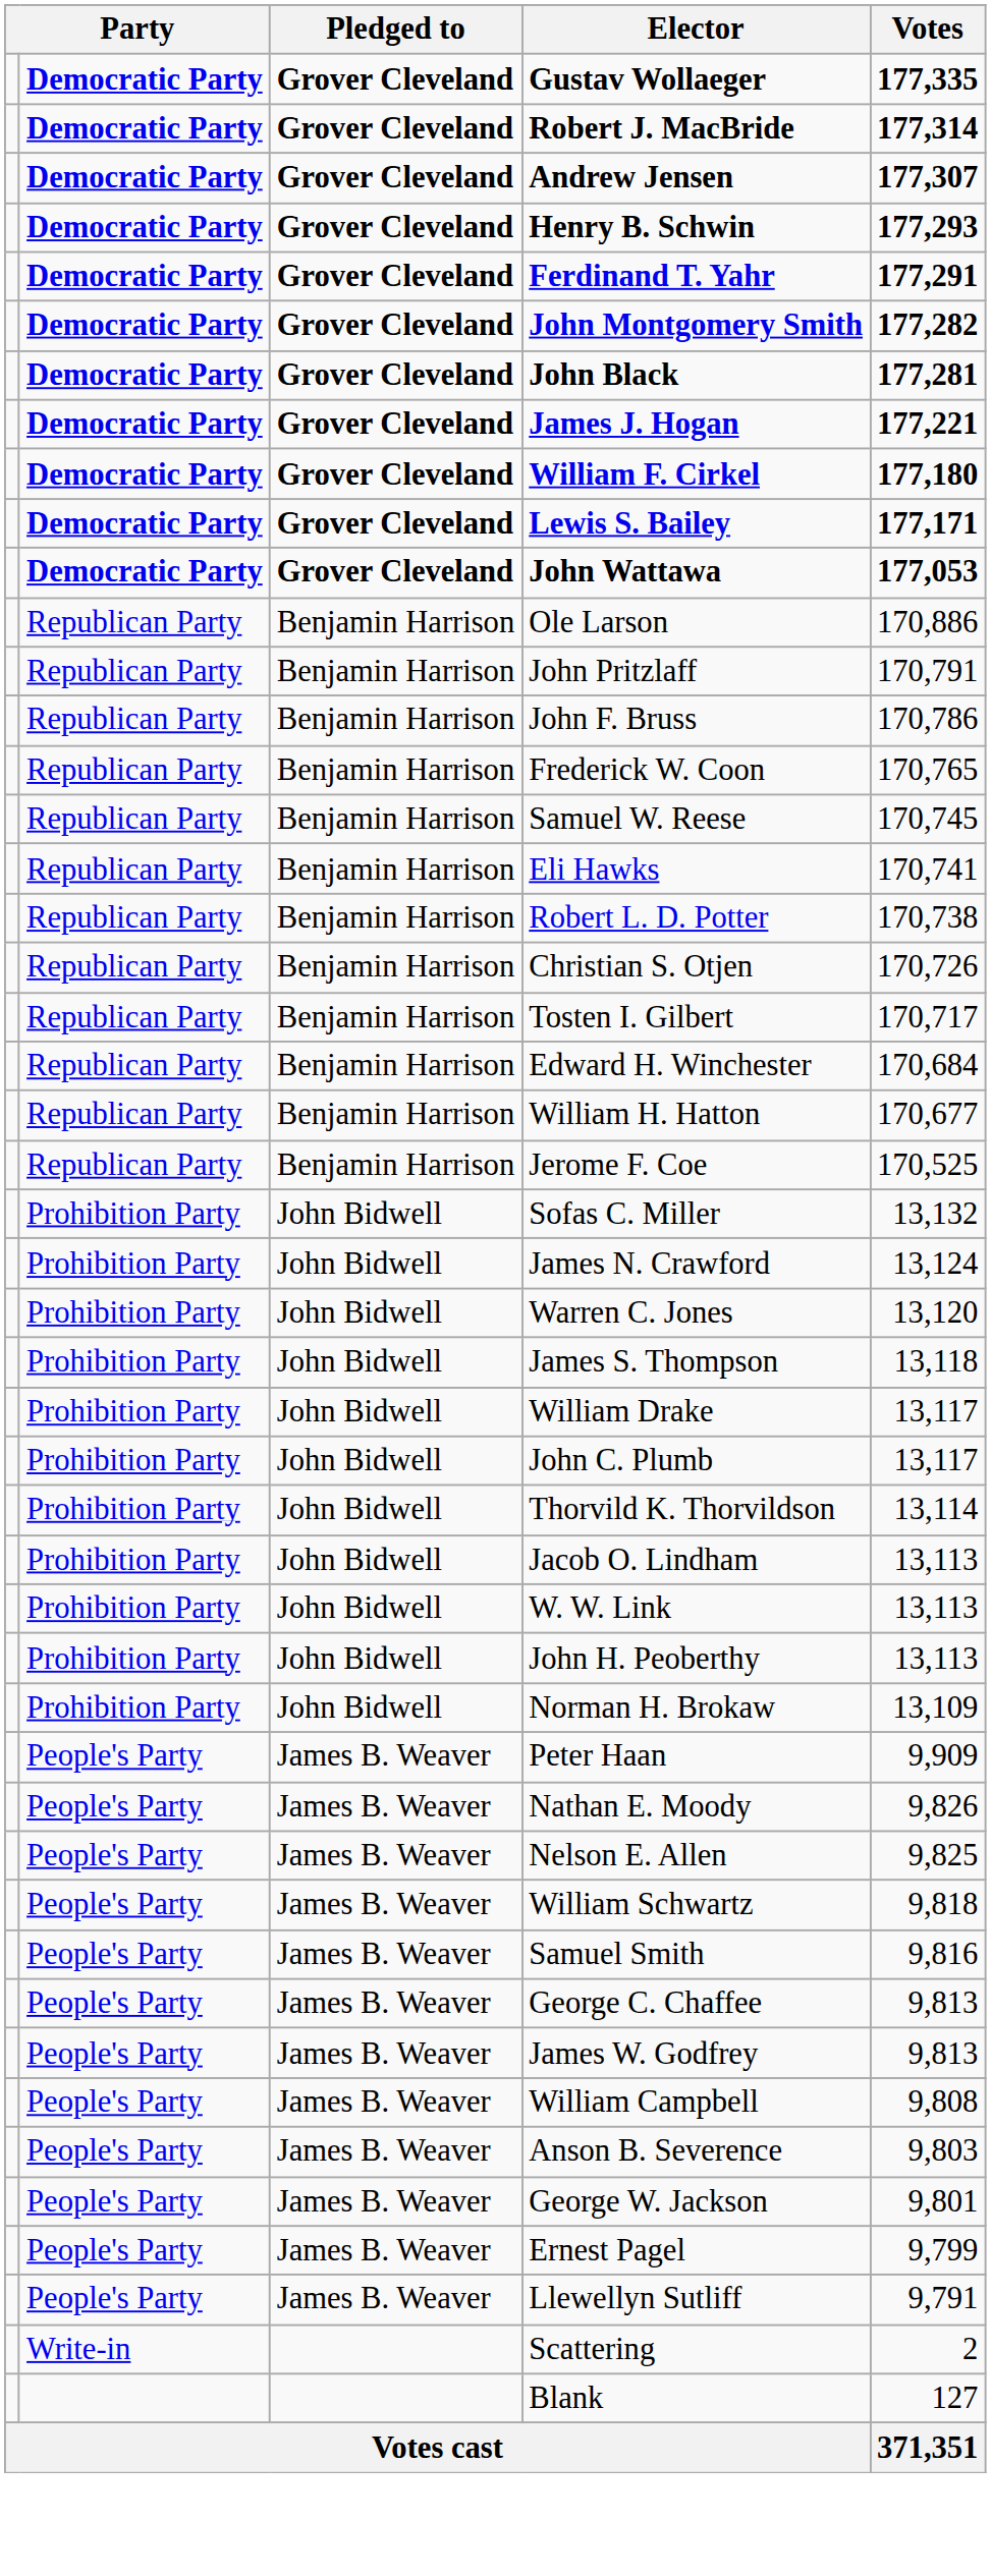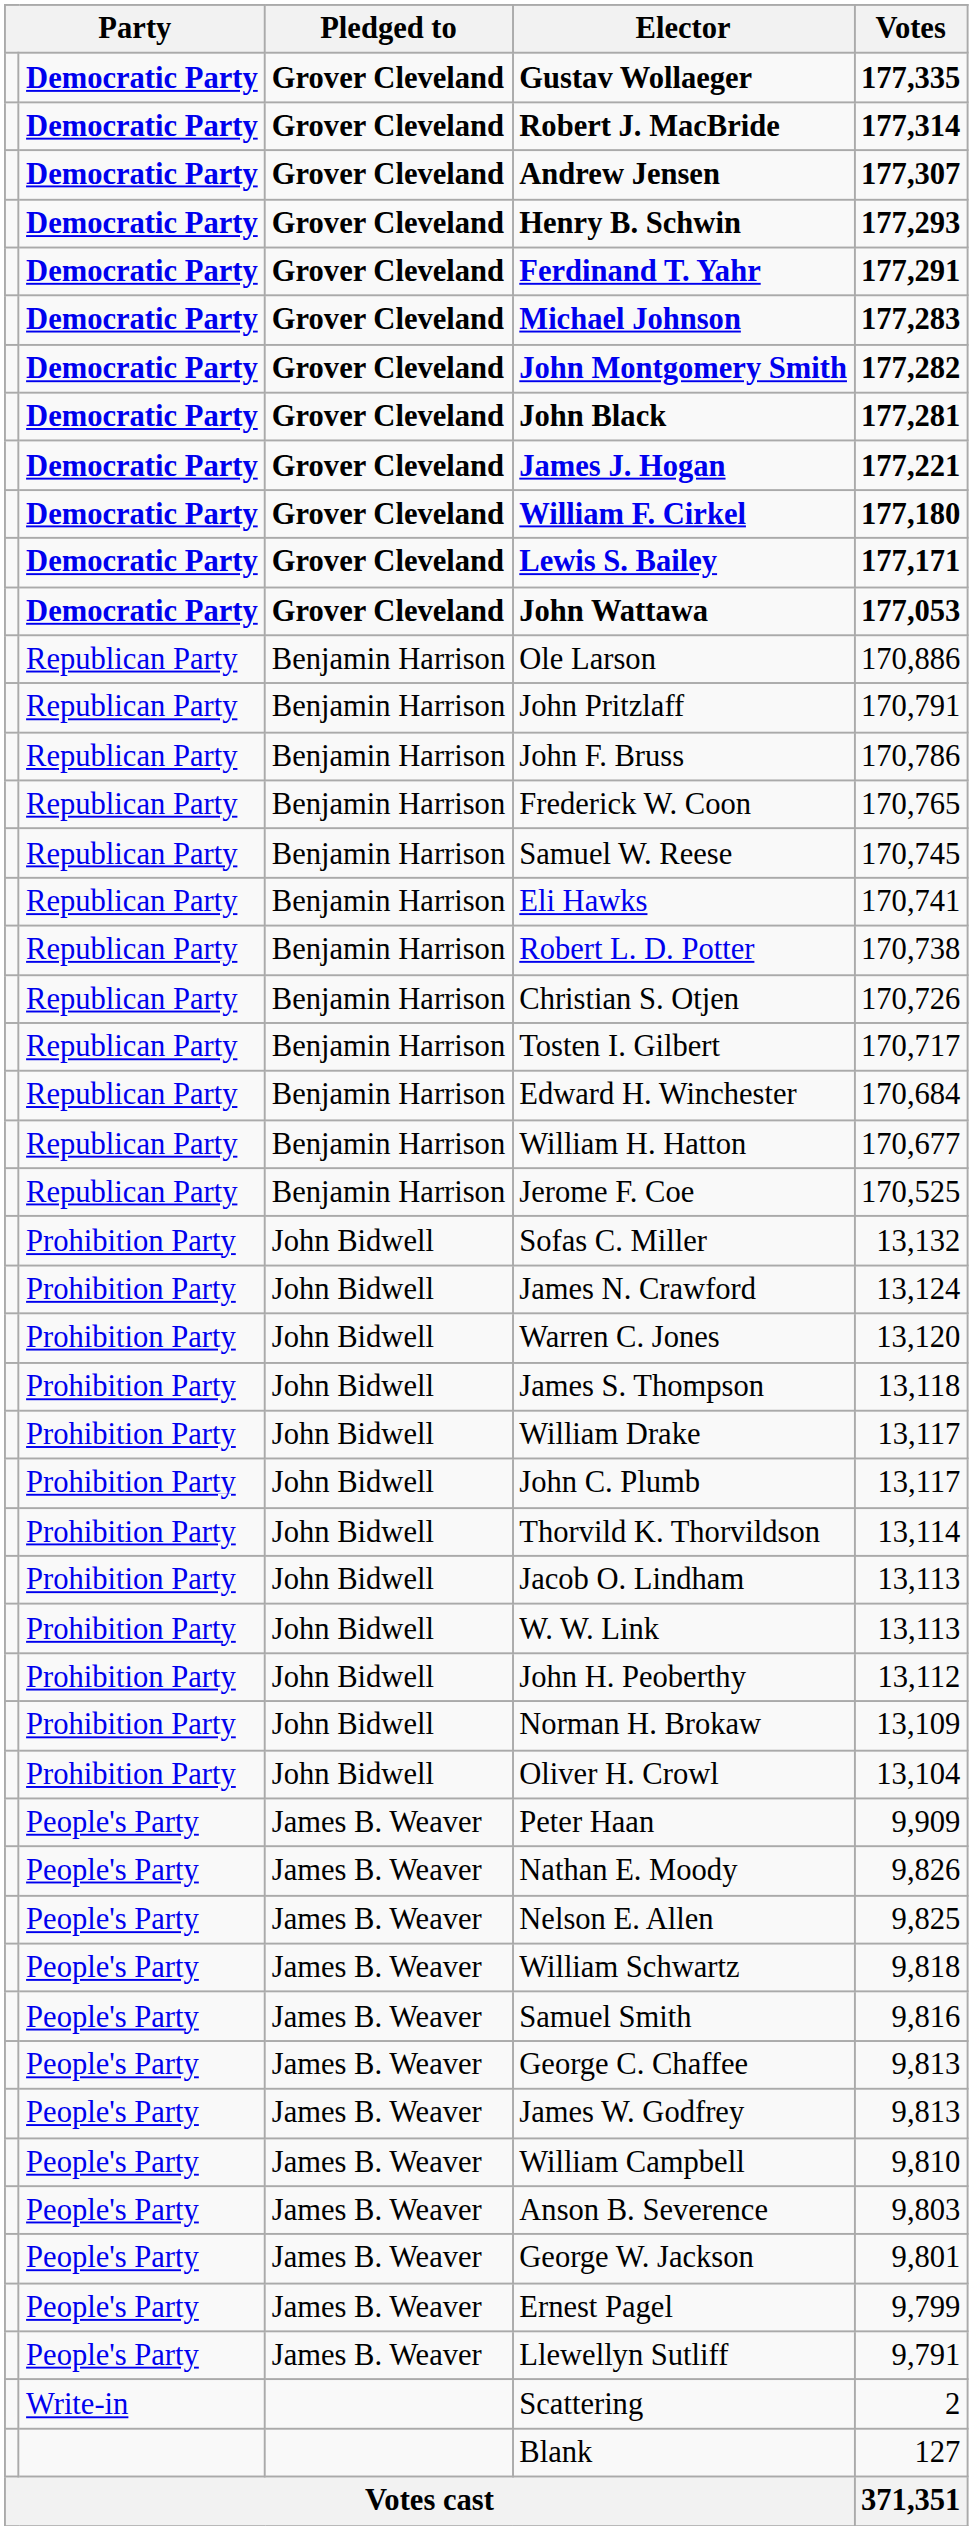 <table class="wikitable">
 <tr>
 <th colspan=2>Party</th>
 <th>Pledged to</th>
 <th>Elector</th>
 <th>Votes</th>
 </tr>
 <tr style="font-weight:bold">
 <td></td>
 <td><a href='#'>Democratic Party</a></td>
 <td>Grover Cleveland</td>
 <td>Gustav Wollaeger</td>
 <td align="right">177,335</td>
 </tr>
 <tr style="font-weight:bold">
 <td></td>
 <td><a href='#'>Democratic Party</a></td>
 <td>Grover Cleveland</td>
 <td>Robert J. MacBride</td>
 <td align="right">177,314</td>
 </tr>
 <tr style="font-weight:bold">
 <td></td>
 <td><a href='#'>Democratic Party</a></td>
 <td>Grover Cleveland</td>
 <td>Andrew Jensen</td>
 <td align="right">177,307</td>
 </tr>
 <tr style="font-weight:bold">
 <td></td>
 <td><a href='#'>Democratic Party</a></td>
 <td>Grover Cleveland</td>
 <td>Henry B. Schwin</td>
 <td align="right">177,293</td>
 </tr>
 <tr style="font-weight:bold">
 <td></td>
 <td><a href='#'>Democratic Party</a></td>
 <td>Grover Cleveland</td>
 <td><a href='#'>Ferdinand T. Yahr</a></td>
 <td align="right">177,291</td>
+</tr>
+<tr style="font-weight:bold">
+<td></td>
+<td><a href='#'>Democratic Party</a></td>
+<td>Grover Cleveland</td>
+<td><a href='#'>Michael Johnson</a></td>
+<td align="right">177,283</td>
 </tr>
 <tr style="font-weight:bold">
 <td></td>
 <td><a href='#'>Democratic Party</a></td>
 <td>Grover Cleveland</td>
 <td><a href='#'>John Montgomery Smith</a></td>
 <td align="right">177,282</td>
 </tr>
 <tr style="font-weight:bold">
 <td></td>
 <td><a href='#'>Democratic Party</a></td>
 <td>Grover Cleveland</td>
 <td>John Black</td>
 <td align="right">177,281</td>
 </tr>
 <tr style="font-weight:bold">
 <td></td>
 <td><a href='#'>Democratic Party</a></td>
 <td>Grover Cleveland</td>
 <td><a href='#'>James J. Hogan</a></td>
 <td align="right">177,221</td>
 </tr>
 <tr style="font-weight:bold">
 <td></td>
 <td><a href='#'>Democratic Party</a></td>
 <td>Grover Cleveland</td>
 <td><a href='#'>William F. Cirkel</a></td>
 <td align="right">177,180</td>
 </tr>
 <tr style="font-weight:bold">
 <td></td>
 <td><a href='#'>Democratic Party</a></td>
 <td>Grover Cleveland</td>
 <td><a href='#'>Lewis S. Bailey</a></td>
 <td align="right">177,171</td>
 </tr>
 <tr style="font-weight:bold">
 <td></td>
 <td><a href='#'>Democratic Party</a></td>
 <td>Grover Cleveland</td>
 <td>John Wattawa</td>
 <td align="right">177,053</td>
 </tr>
 <tr>
 <td></td>
 <td><a href='#'>Republican Party</a></td>
 <td>Benjamin Harrison</td>
 <td>Ole Larson</td>
 <td align="right">170,886</td>
 </tr>
 <tr>
 <td></td>
 <td><a href='#'>Republican Party</a></td>
 <td>Benjamin Harrison</td>
 <td>John Pritzlaff</td>
 <td align="right">170,791</td>
 </tr>
 <tr>
 <td></td>
 <td><a href='#'>Republican Party</a></td>
 <td>Benjamin Harrison</td>
 <td>John F. Bruss</td>
 <td align="right">170,786</td>
 </tr>
 <tr>
 <td></td>
 <td><a href='#'>Republican Party</a></td>
 <td>Benjamin Harrison</td>
 <td>Frederick W. Coon</td>
 <td align="right">170,765</td>
 </tr>
 <tr>
 <td></td>
 <td><a href='#'>Republican Party</a></td>
 <td>Benjamin Harrison</td>
 <td>Samuel W. Reese</td>
 <td align="right">170,745</td>
 </tr>
 <tr>
 <td></td>
 <td><a href='#'>Republican Party</a></td>
 <td>Benjamin Harrison</td>
 <td><a href='#'>Eli Hawks</a></td>
 <td align="right">170,741</td>
 </tr>
 <tr>
 <td></td>
 <td><a href='#'>Republican Party</a></td>
 <td>Benjamin Harrison</td>
 <td><a href='#'>Robert L. D. Potter</a></td>
 <td align="right">170,738</td>
 </tr>
 <tr>
 <td></td>
 <td><a href='#'>Republican Party</a></td>
 <td>Benjamin Harrison</td>
 <td>Christian S. Otjen</td>
 <td align="right">170,726</td>
 </tr>
 <tr>
 <td></td>
 <td><a href='#'>Republican Party</a></td>
 <td>Benjamin Harrison</td>
 <td>Tosten I. Gilbert</td>
 <td align="right">170,717</td>
 </tr>
 <tr>
 <td></td>
 <td><a href='#'>Republican Party</a></td>
 <td>Benjamin Harrison</td>
 <td>Edward H. Winchester</td>
 <td align="right">170,684</td>
 </tr>
 <tr>
 <td></td>
 <td><a href='#'>Republican Party</a></td>
 <td>Benjamin Harrison</td>
 <td>William H. Hatton</td>
 <td align="right">170,677</td>
 </tr>
 <tr>
 <td></td>
 <td><a href='#'>Republican Party</a></td>
 <td>Benjamin Harrison</td>
 <td>Jerome F. Coe</td>
 <td align="right">170,525</td>
 </tr>
 <tr>
 <td></td>
 <td><a href='#'>Prohibition Party</a></td>
 <td>John Bidwell</td>
 <td>Sofas C. Miller</td>
 <td align="right">13,132</td>
 </tr>
 <tr>
 <td></td>
 <td><a href='#'>Prohibition Party</a></td>
 <td>John Bidwell</td>
 <td>James N. Crawford</td>
 <td align="right">13,124</td>
 </tr>
 <tr>
 <td></td>
 <td><a href='#'>Prohibition Party</a></td>
 <td>John Bidwell</td>
 <td>Warren C. Jones</td>
 <td align="right">13,120</td>
 </tr>
 <tr>
 <td></td>
 <td><a href='#'>Prohibition Party</a></td>
 <td>John Bidwell</td>
 <td>James S. Thompson</td>
 <td align="right">13,118</td>
 </tr>
 <tr>
 <td></td>
 <td><a href='#'>Prohibition Party</a></td>
 <td>John Bidwell</td>
 <td>William Drake</td>
 <td align="right">13,117</td>
 </tr>
 <tr>
 <td></td>
 <td><a href='#'>Prohibition Party</a></td>
 <td>John Bidwell</td>
 <td>John C. Plumb</td>
 <td align="right">13,117</td>
 </tr>
 <tr>
 <td></td>
 <td><a href='#'>Prohibition Party</a></td>
 <td>John Bidwell</td>
 <td>Thorvild K. Thorvildson</td>
 <td align="right">13,114</td>
 </tr>
 <tr>
 <td></td>
 <td><a href='#'>Prohibition Party</a></td>
 <td>John Bidwell</td>
 <td>Jacob O. Lindham</td>
 <td align="right">13,113</td>
 </tr>
 <tr>
 <td></td>
 <td><a href='#'>Prohibition Party</a></td>
 <td>John Bidwell</td>
 <td>W. W. Link</td>
 <td align="right">13,113</td>
 </tr>
 <tr>
 <td></td>
 <td><a href='#'>Prohibition Party</a></td>
 <td>John Bidwell</td>
 <td>John H. Peoberthy</td>
-<td align="right">13,113</td>
+<td align="right">13,112</td>
 </tr>
 <tr>
 <td></td>
 <td><a href='#'>Prohibition Party</a></td>
 <td>John Bidwell</td>
 <td>Norman H. Brokaw</td>
 <td align="right">13,109</td>
+</tr>
+<tr>
+<td></td>
+<td><a href='#'>Prohibition Party</a></td>
+<td>John Bidwell</td>
+<td>Oliver H. Crowl</td>
+<td align="right">13,104</td>
 </tr>
 <tr>
 <td></td>
 <td><a href='#'>People's Party</a></td>
 <td>James B. Weaver</td>
 <td>Peter Haan</td>
 <td align="right">9,909</td>
 </tr>
 <tr>
 <td></td>
 <td><a href='#'>People's Party</a></td>
 <td>James B. Weaver</td>
 <td>Nathan E. Moody</td>
 <td align="right">9,826</td>
 </tr>
 <tr>
 <td></td>
 <td><a href='#'>People's Party</a></td>
 <td>James B. Weaver</td>
 <td>Nelson E. Allen</td>
 <td align="right">9,825</td>
 </tr>
 <tr>
 <td></td>
 <td><a href='#'>People's Party</a></td>
 <td>James B. Weaver</td>
 <td>William Schwartz</td>
 <td align="right">9,818</td>
 </tr>
 <tr>
 <td></td>
 <td><a href='#'>People's Party</a></td>
 <td>James B. Weaver</td>
 <td>Samuel Smith</td>
 <td align="right">9,816</td>
 </tr>
 <tr>
 <td></td>
 <td><a href='#'>People's Party</a></td>
 <td>James B. Weaver</td>
 <td>George C. Chaffee</td>
 <td align="right">9,813</td>
 </tr>
 <tr>
 <td></td>
 <td><a href='#'>People's Party</a></td>
 <td>James B. Weaver</td>
 <td>James W. Godfrey</td>
 <td align="right">9,813</td>
 </tr>
 <tr>
 <td></td>
 <td><a href='#'>People's Party</a></td>
 <td>James B. Weaver</td>
 <td>William Campbell</td>
-<td align="right">9,808</td>
+<td align="right">9,810</td>
 </tr>
 <tr>
 <td></td>
 <td><a href='#'>People's Party</a></td>
 <td>James B. Weaver</td>
 <td>Anson B. Severence</td>
 <td align="right">9,803</td>
 </tr>
 <tr>
 <td></td>
 <td><a href='#'>People's Party</a></td>
 <td>James B. Weaver</td>
 <td>George W. Jackson</td>
 <td align="right">9,801</td>
 </tr>
 <tr>
 <td></td>
 <td><a href='#'>People's Party</a></td>
 <td>James B. Weaver</td>
 <td>Ernest Pagel</td>
 <td align="right">9,799</td>
 </tr>
 <tr>
 <td></td>
 <td><a href='#'>People's Party</a></td>
 <td>James B. Weaver</td>
 <td>Llewellyn Sutliff</td>
 <td align="right">9,791</td>
 </tr>
 <tr>
 <td></td>
 <td><a href='#'>Write-in</a></td>
 <td></td>
 <td>Scattering</td>
 <td align="right">2</td>
 </tr>
 <tr>
 <td></td>
 <td></td>
 <td></td>
 <td>Blank</td>
 <td align="right">127</td>
 </tr>
 <tr>
 <th colspan="4">Votes cast</th>
 <th>371,351</th>
 </tr>
 </table>
